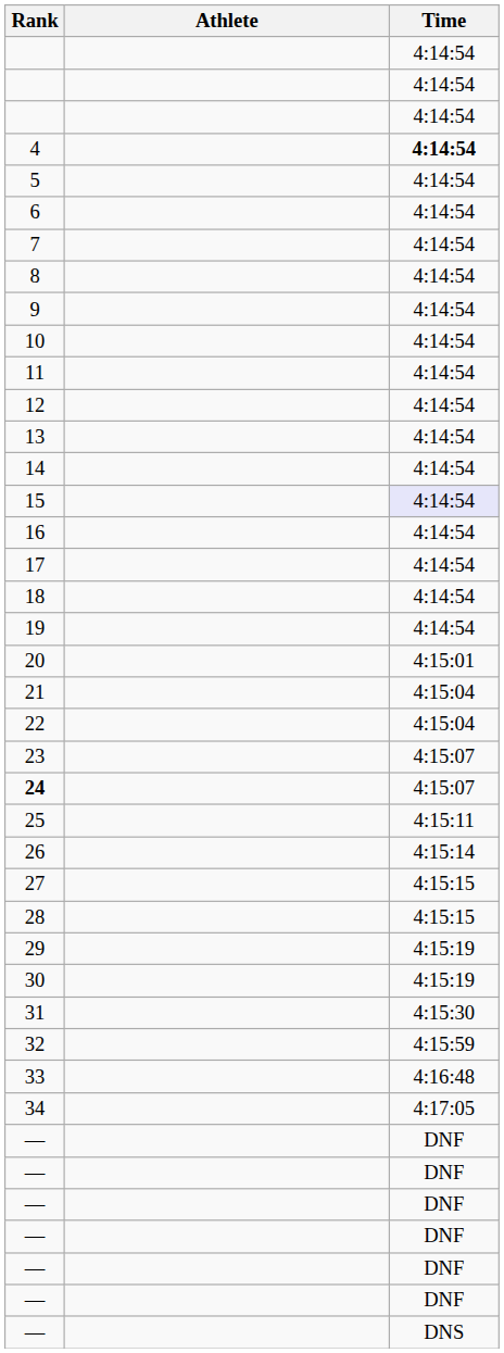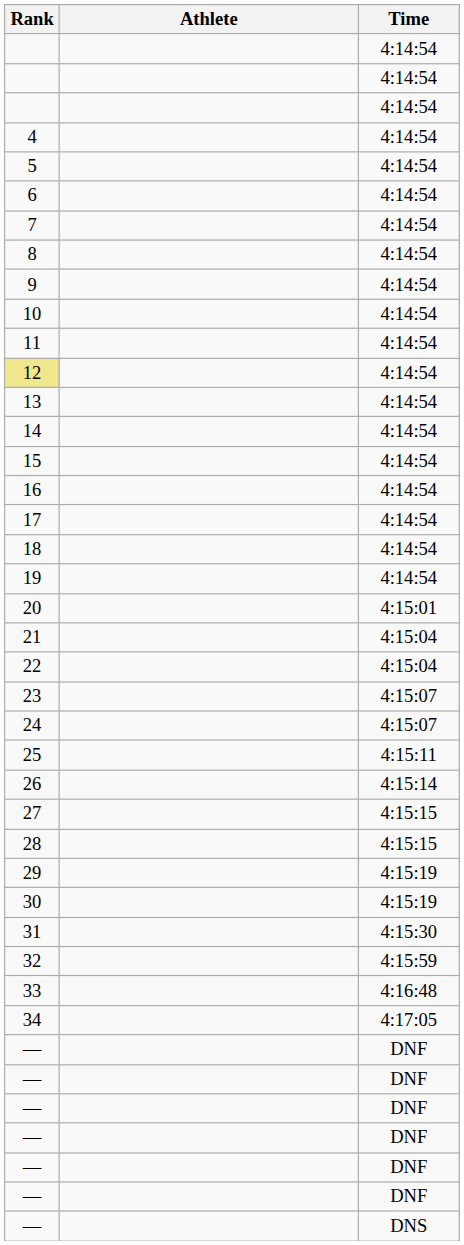 <table class=wikitable style="text-align:center">
 <tr>
 <th width=40>Rank</th>
 <th width=250>Athlete</th>
 <th width=80>Time</th>
 </tr>
 <tr>
 <td></td>
 <td align=left></td>
 <td>4:14:54</td>
 </tr>
 <tr>
 <td></td>
 <td align=left></td>
 <td>4:14:54</td>
 </tr>
 <tr>
 <td></td>
 <td align=left></td>
 <td>4:14:54</td>
 </tr>
 <tr>
 <td>4</td>
 <td align=left></td>
-<td><strong>4:14:54</strong></td>
+<td>4:14:54</td>
 </tr>
 <tr>
 <td>5</td>
 <td align=left></td>
 <td>4:14:54</td>
 </tr>
 <tr>
 <td>6</td>
 <td align=left></td>
 <td>4:14:54</td>
 </tr>
 <tr>
 <td>7</td>
 <td align=left></td>
 <td>4:14:54</td>
 </tr>
 <tr>
 <td>8</td>
 <td align=left></td>
 <td>4:14:54</td>
 </tr>
 <tr>
 <td>9</td>
 <td align=left></td>
 <td>4:14:54</td>
 </tr>
 <tr>
 <td>10</td>
 <td align=left></td>
 <td>4:14:54</td>
 </tr>
 <tr>
 <td>11</td>
 <td align=left></td>
 <td>4:14:54</td>
 </tr>
 <tr>
-<td>12</td>
+<td style="background: khaki;">12</td>
 <td align=left></td>
 <td>4:14:54</td>
 </tr>
 <tr>
 <td>13</td>
 <td align=left></td>
 <td>4:14:54</td>
 </tr>
 <tr>
 <td>14</td>
 <td align=left></td>
 <td>4:14:54</td>
 </tr>
 <tr>
 <td>15</td>
 <td align=left></td>
-<td style="background: lavender;">4:14:54</td>
+<td>4:14:54</td>
 </tr>
 <tr>
 <td>16</td>
 <td align=left></td>
 <td>4:14:54</td>
 </tr>
 <tr>
 <td>17</td>
 <td align=left></td>
 <td>4:14:54</td>
 </tr>
 <tr>
 <td>18</td>
 <td align=left></td>
 <td>4:14:54</td>
 </tr>
 <tr>
 <td>19</td>
 <td align=left></td>
 <td>4:14:54</td>
 </tr>
 <tr>
 <td>20</td>
 <td align=left></td>
 <td>4:15:01</td>
 </tr>
 <tr>
 <td>21</td>
 <td align=left></td>
 <td>4:15:04</td>
 </tr>
 <tr>
 <td>22</td>
 <td align=left></td>
 <td>4:15:04</td>
 </tr>
 <tr>
 <td>23</td>
 <td align=left></td>
 <td>4:15:07</td>
 </tr>
 <tr>
-<td><strong>24</strong></td>
+<td>24</td>
 <td align=left></td>
 <td>4:15:07</td>
 </tr>
 <tr>
 <td>25</td>
 <td align=left></td>
 <td>4:15:11</td>
 </tr>
 <tr>
 <td>26</td>
 <td align=left></td>
 <td>4:15:14</td>
 </tr>
 <tr>
 <td>27</td>
 <td align=left></td>
 <td>4:15:15</td>
 </tr>
 <tr>
 <td>28</td>
 <td align=left></td>
 <td>4:15:15</td>
 </tr>
 <tr>
 <td>29</td>
 <td align=left></td>
 <td>4:15:19</td>
 </tr>
 <tr>
 <td>30</td>
 <td align=left></td>
 <td>4:15:19</td>
 </tr>
 <tr>
 <td>31</td>
 <td align=left></td>
 <td>4:15:30</td>
 </tr>
 <tr>
 <td>32</td>
 <td align=left></td>
 <td>4:15:59</td>
 </tr>
 <tr>
 <td>33</td>
 <td align=left></td>
 <td>4:16:48</td>
 </tr>
 <tr>
 <td>34</td>
 <td align=left></td>
 <td>4:17:05</td>
 </tr>
 <tr>
 <td>—</td>
 <td align=left></td>
 <td>DNF</td>
 </tr>
 <tr>
 <td>—</td>
 <td align=left></td>
 <td>DNF</td>
 </tr>
 <tr>
 <td>—</td>
 <td align=left></td>
 <td>DNF</td>
 </tr>
 <tr>
 <td>—</td>
 <td align=left></td>
 <td>DNF</td>
 </tr>
 <tr>
 <td>—</td>
 <td align=left></td>
 <td>DNF</td>
 </tr>
 <tr>
 <td>—</td>
 <td align=left></td>
 <td>DNF</td>
 </tr>
 <tr>
 <td>—</td>
 <td align=left></td>
 <td>DNS</td>
 </tr>
 </table>
